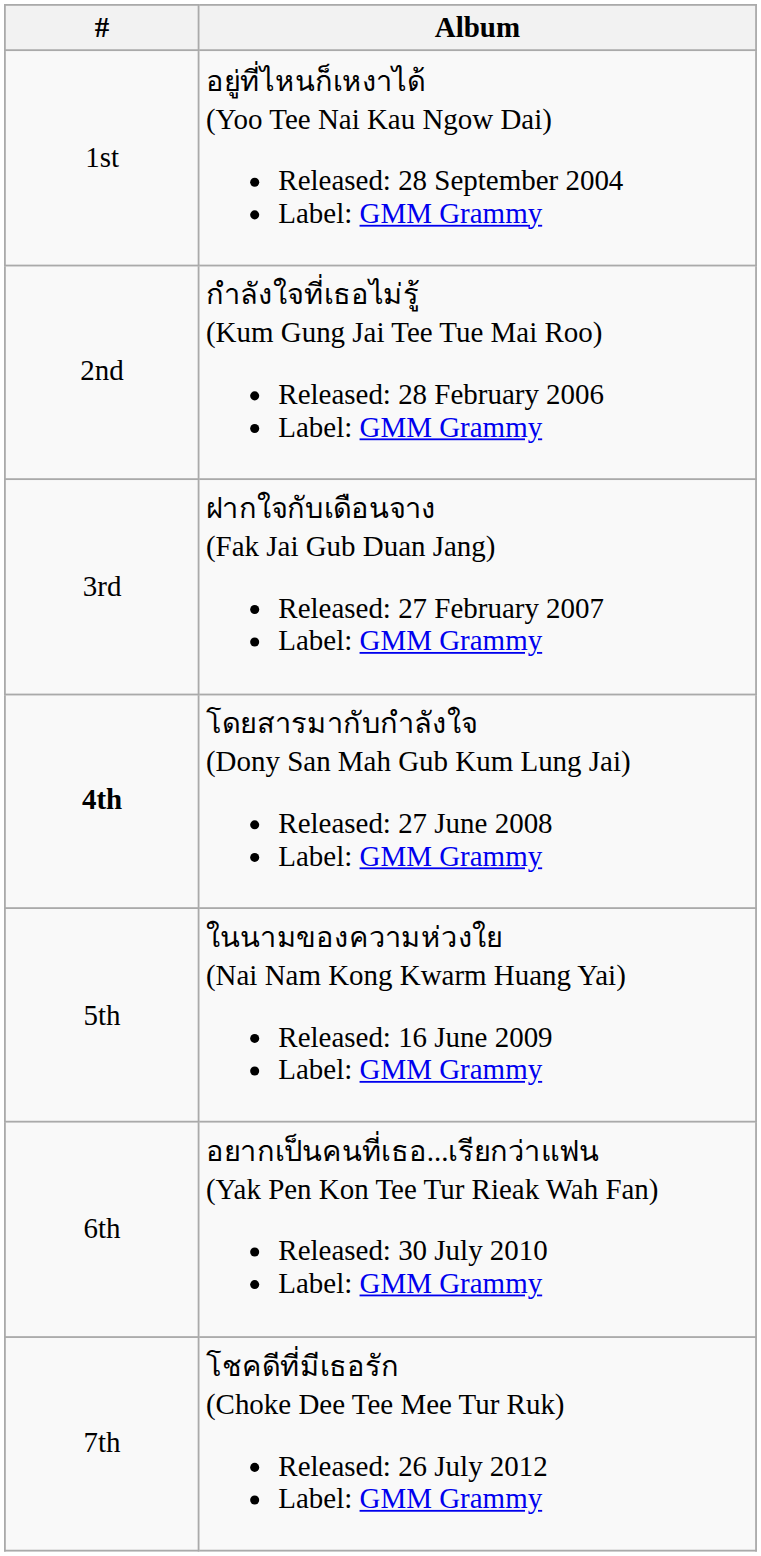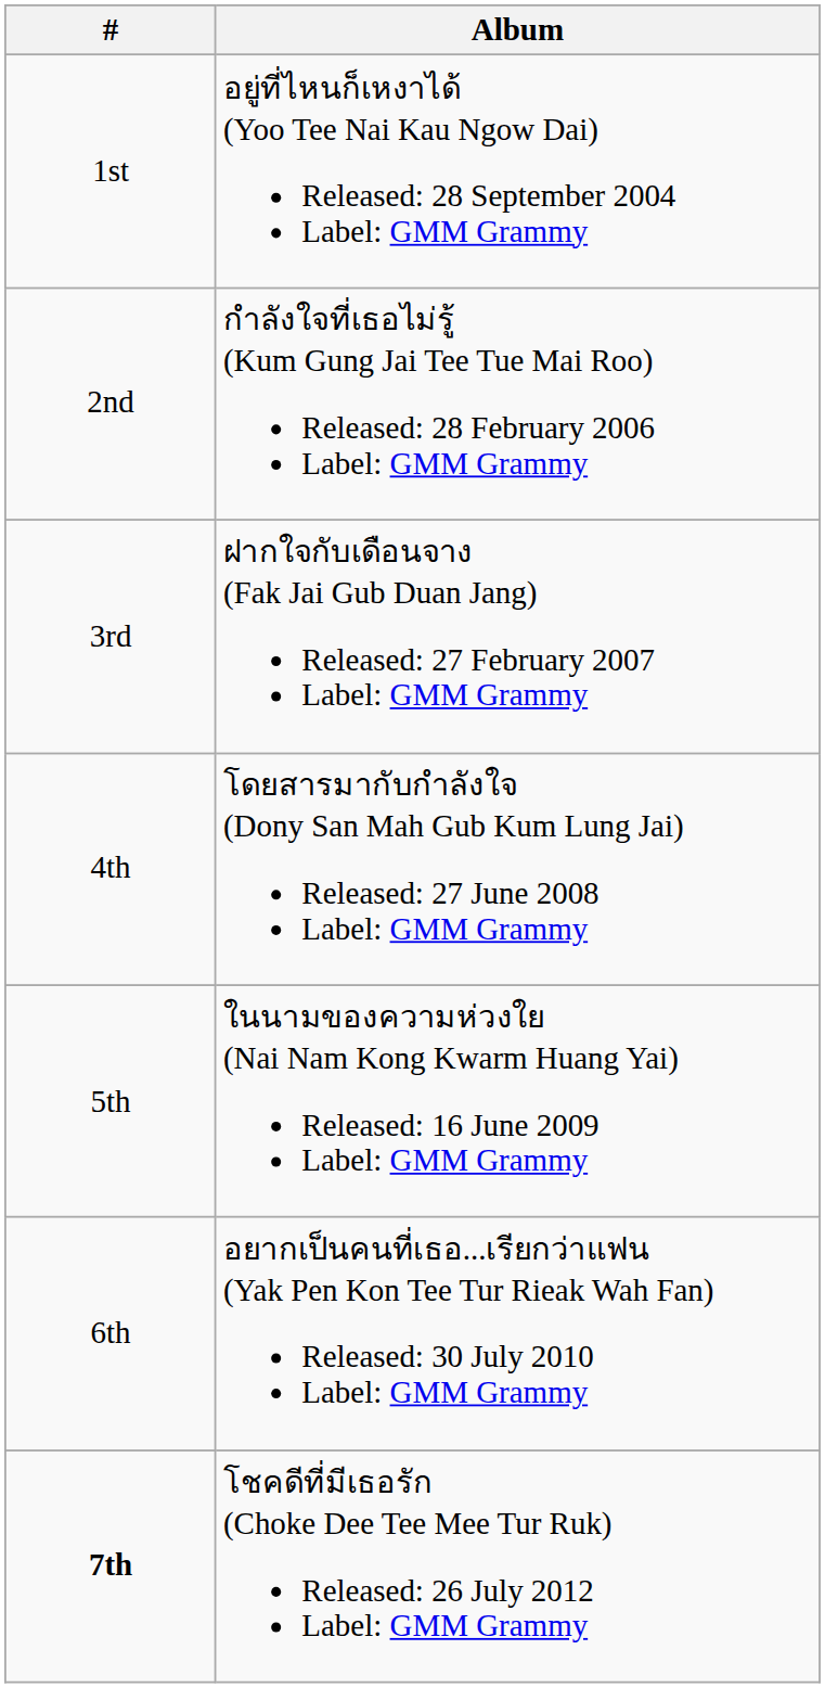 <table class="wikitable">
 <tr>
 <th width="100">#</th>
 <th width="300">Album</th>
 </tr>
 <tr>
 <td style="text-align:center;">1st</td>
 <td>อยู่ที่ไหนก็เหงาได้<br>(Yoo Tee Nai Kau Ngow Dai)<ul><li>Released: 28 September 2004</li><li>Label: <a href='#'>GMM Grammy</a></li></ul></td>
 </tr>
 <tr>
 <td style="text-align:center;">2nd</td>
 <td>กำลังใจที่เธอไม่รู้<br>(Kum Gung Jai Tee Tue Mai Roo)<ul><li>Released: 28 February 2006</li><li>Label: <a href='#'>GMM Grammy</a></li></ul></td>
 </tr>
 <tr>
 <td style="text-align:center;">3rd</td>
 <td>ฝากใจกับเดือนจาง<br>(Fak Jai Gub Duan Jang)<ul><li>Released: 27 February 2007</li><li>Label: <a href='#'>GMM Grammy</a></li></ul></td>
 </tr>
 <tr>
-<td style="text-align:center;"><strong>4th</strong></td>
+<td style="text-align:center;">4th</td>
 <td>โดยสารมากับกำลังใจ<br>(Dony San Mah Gub Kum Lung Jai)<ul><li>Released: 27 June 2008</li><li>Label: <a href='#'>GMM Grammy</a></li></ul></td>
 </tr>
 <tr>
 <td style="text-align:center;">5th</td>
 <td>ในนามของความห่วงใย<br>(Nai Nam Kong Kwarm Huang Yai)<ul><li>Released: 16 June 2009</li><li>Label: <a href='#'>GMM Grammy</a></li></ul></td>
 </tr>
 <tr>
 <td style="text-align:center;">6th</td>
 <td>อยากเป็นคนที่เธอ...เรียกว่าแฟน<br>(Yak Pen Kon Tee Tur Rieak Wah Fan)<ul><li>Released: 30 July 2010</li><li>Label: <a href='#'>GMM Grammy</a></li></ul></td>
 </tr>
 <tr>
-<td style="text-align:center;">7th</td>
+<td style="text-align:center;"><strong>7th</strong></td>
 <td>โชคดีที่มีเธอรัก<br>(Choke Dee Tee Mee Tur Ruk)<ul><li>Released: 26 July 2012</li><li>Label: <a href='#'>GMM Grammy</a></li></ul></td>
 </tr>
 </table>
